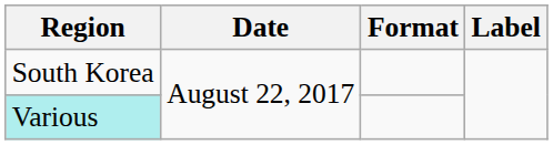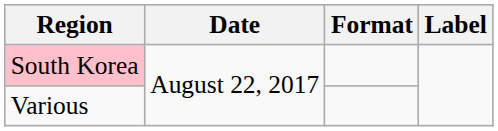 <table class = "wikitable plainrowheaders">
 <tr>
 <th>Region</th>
 <th>Date</th>
 <th>Format</th>
 <th>Label</th>
 </tr>
 <tr>
-<td>South Korea</td>
+<td style="background: pink;">South Korea</td>
 <td rowspan="2">August 22, 2017</td>
 <td></td>
 <td rowspan="2"></td>
 </tr>
 <tr>
-<td style="background: paleturquoise;">Various</td>
+<td>Various</td>
 <td></td>
 </tr>
 </table>
